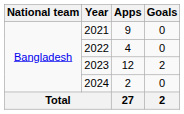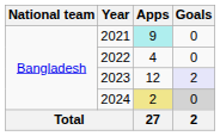 <table class="wikitable" style="text-align:center">
 <tr>
 <th>National team</th>
 <th>Year</th>
 <th>Apps</th>
 <th>Goals</th>
 </tr>
 <tr>
 <td rowspan="4"><a href='#'>Bangladesh</a></td>
 <td>2021</td>
-<td>9</td>
+<td style="background: paleturquoise;">9</td>
 <td>0</td>
 </tr>
 <tr>
 <td>2022</td>
 <td>4</td>
 <td>0</td>
 </tr>
 <tr>
 <td>2023</td>
 <td>12</td>
-<td>2</td>
+<td style="background: lavender;">2</td>
 </tr>
 <tr>
 <td>2024</td>
-<td>2</td>
-<td>0</td>
+<td style="background: khaki;">2</td>
+<td style="background: lightgrey;">0</td>
 </tr>
 <tr>
 <th colspan=2>Total</th>
 <th>27</th>
 <th>2</th>
 </tr>
 </table>
